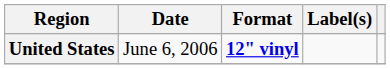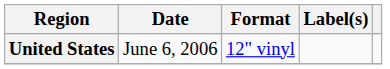 <table class="wikitable plainrowheaders">
 <tr>
 <th scope="col">Region</th>
 <th scope="col">Date</th>
 <th scope="col">Format</th>
 <th scope="col">Label(s)</th>
 <th scope="col"></th>
 </tr>
 <tr>
 </tr>
 <tr>
 <th scope="row">United States</th>
 <td>June 6, 2006</td>
-<td><strong><a href='#'>12" vinyl</a></strong></td>
+<td><a href='#'>12" vinyl</a></td>
 <td></td>
 <td style="text-align:center;"></td>
 </tr>
 <tr>
 </tr>
 </table>
